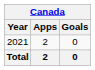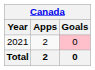 <table class="wikitable" style="text-align:center">
 <tr>
 <th colspan=3><a href='#'>Canada</a></th>
 </tr>
 <tr>
 <th>Year</th>
 <th>Apps</th>
 <th>Goals</th>
 </tr>
 <tr>
 <td>2021</td>
 <td>2</td>
-<td>0</td>
+<td style="background: pink;">0</td>
 </tr>
 <tr>
 <th>Total</th>
 <th>2</th>
 <th>0</th>
 </tr>
 </table>
